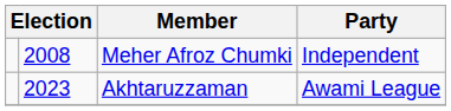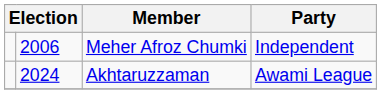 <table class="wikitable">
 <tr>
 <th colspan="2">Election</th>
 <th>Member</th>
 <th>Party</th>
 </tr>
 <tr>
 <td style="background-color:"></td>
-<td><a href='#'>2008</a></td>
+<td><a href='#'>2006</a></td>
 <td><a href='#'>Meher Afroz Chumki</a></td>
 <td><a href='#'>Independent</a></td>
 </tr>
 <tr>
 <td style="background-color:"></td>
-<td><a href='#'>2023</a></td>
+<td><a href='#'>2024</a></td>
 <td><a href='#'>Akhtaruzzaman</a></td>
 <td><a href='#'>Awami League</a></td>
 </tr>
 <tr>
 </tr>
 </table>
